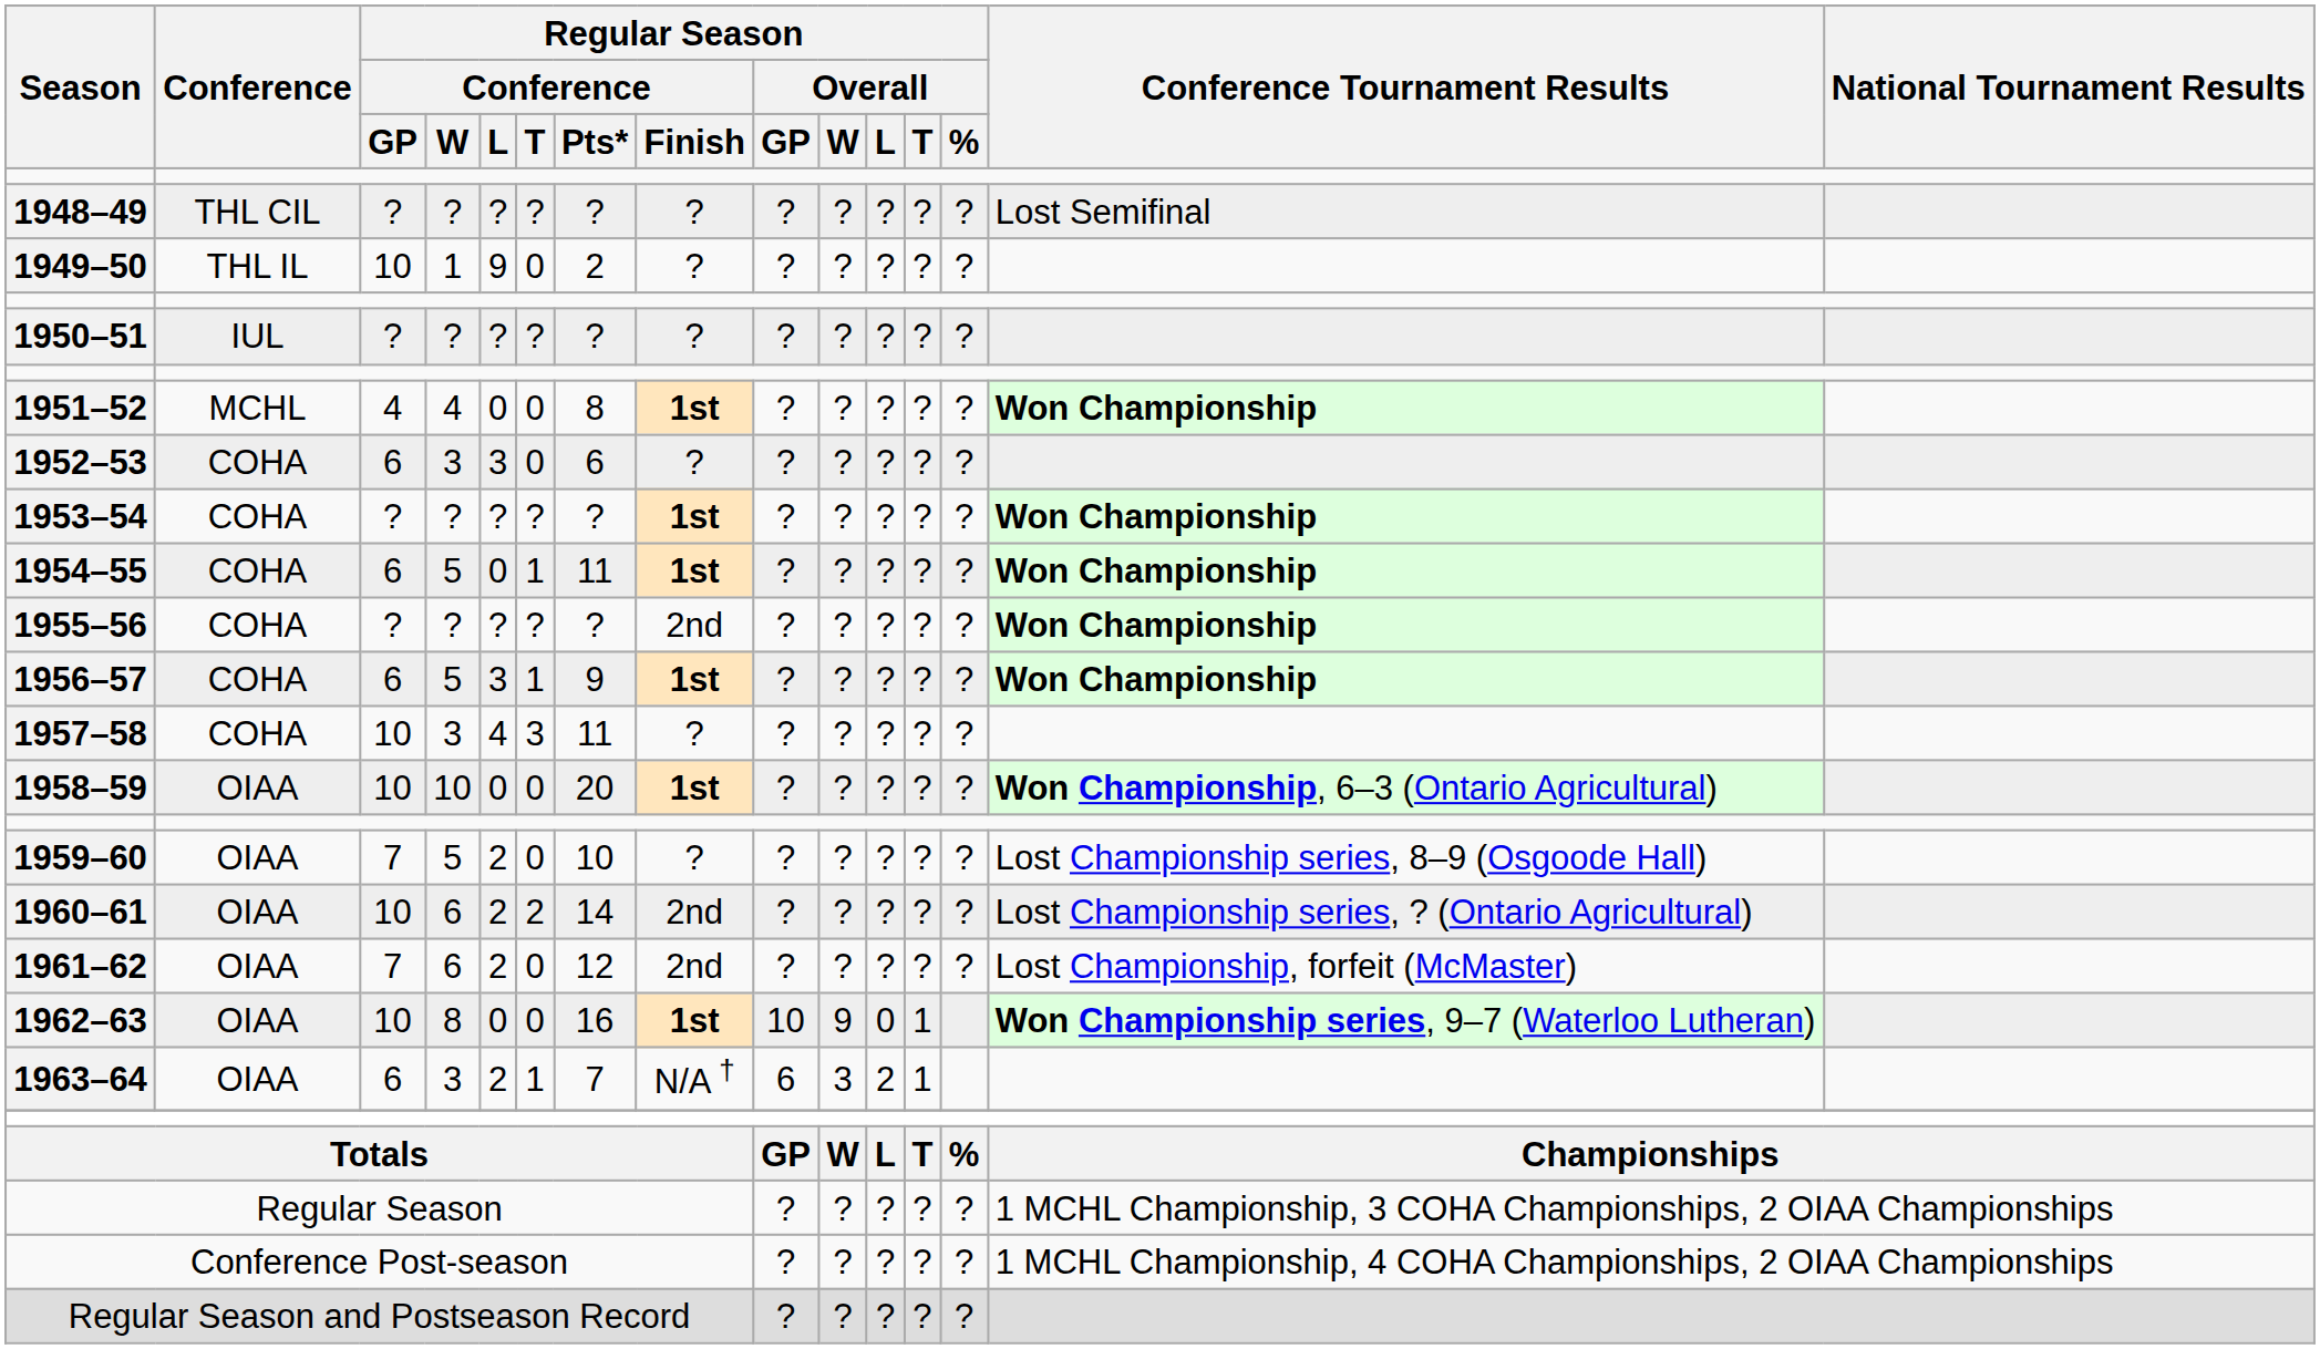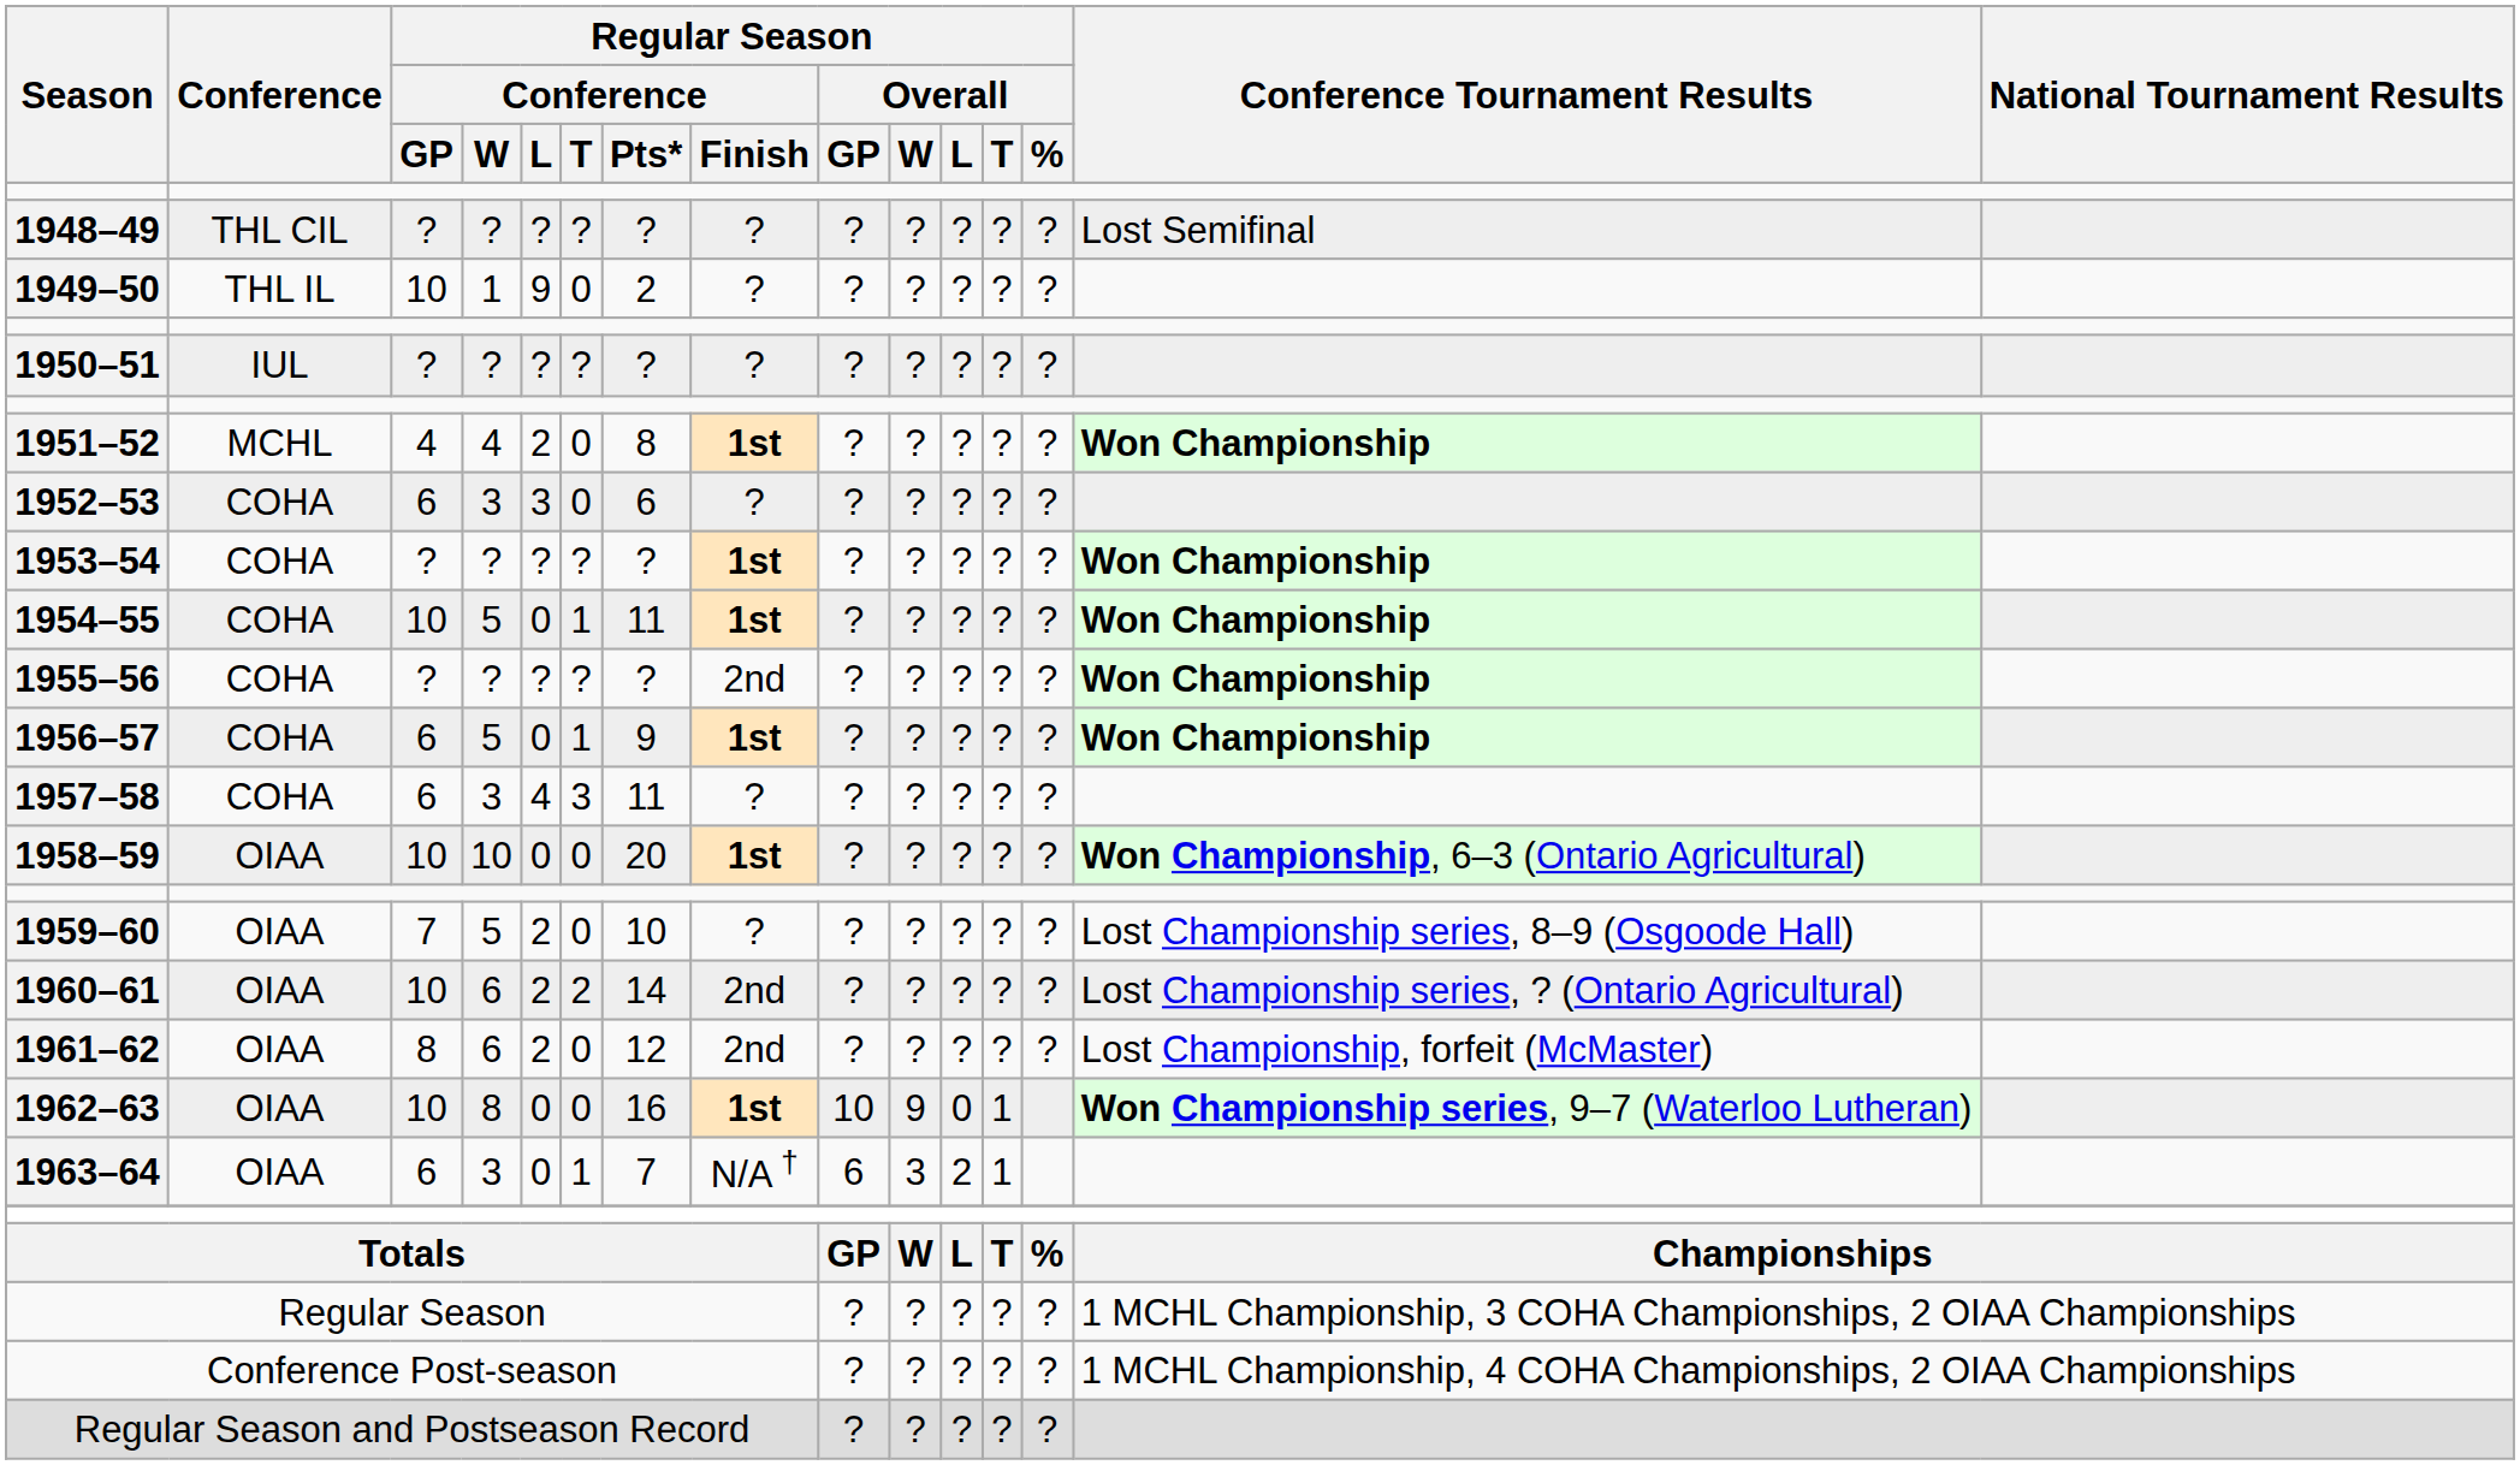 <table class="wikitable" style="text-align: center; font-size: 95%">
 <tr>
 <th rowspan="3">Season</th>
 <th rowspan="3">Conference</th>
 <th colspan="11">Regular Season</th>
 <th rowspan="3">Conference Tournament Results</th>
 <th rowspan="3">National Tournament Results</th>
 </tr>
 <tr>
 <th colspan="6">Conference</th>
 <th colspan="5">Overall</th>
 </tr>
 <tr>
 <th>GP</th>
 <th>W</th>
 <th>L</th>
 <th>T</th>
 <th>Pts*</th>
 <th>Finish</th>
 <th>GP</th>
 <th>W</th>
 <th>L</th>
 <th>T</th>
 <th>%</th>
 </tr>
 <tr>
 <td><strong><a href='#'></a> </strong></td>
 </tr>
 <tr bgcolor=eeeeee>
 <th>1948–49</th>
 <td>THL CIL</td>
 <td>?</td>
 <td>?</td>
 <td>?</td>
 <td>?</td>
 <td>?</td>
 <td>?</td>
 <td>?</td>
 <td>?</td>
 <td>?</td>
 <td>?</td>
 <td>?</td>
 <td align="left">Lost Semifinal</td>
 <td align="left"></td>
 </tr>
 <tr>
 <th>1949–50</th>
 <td>THL IL</td>
 <td>10</td>
 <td>1</td>
 <td>9</td>
 <td>0</td>
 <td>2</td>
 <td>?</td>
 <td>?</td>
 <td>?</td>
 <td>?</td>
 <td>?</td>
 <td>?</td>
 <td align="left"></td>
 <td align="left"></td>
 </tr>
 <tr>
 <td><strong><a href='#'></a> </strong></td>
 </tr>
 <tr bgcolor=eeeeee>
 <th>1950–51</th>
 <td>IUL</td>
 <td>?</td>
 <td>?</td>
 <td>?</td>
 <td>?</td>
 <td>?</td>
 <td>?</td>
 <td>?</td>
 <td>?</td>
 <td>?</td>
 <td>?</td>
 <td>?</td>
 <td align="left"></td>
 <td align="left"></td>
 </tr>
 <tr>
 <td><strong><a href='#'></a> </strong></td>
 </tr>
 <tr>
 <th>1951–52</th>
 <td>MCHL</td>
 <td>4</td>
 <td>4</td>
-<td>0</td>
+<td>2</td>
 <td>0</td>
 <td>8</td>
 <td bgcolor="#FFE6BD"><strong>1st</strong></td>
 <td>?</td>
 <td>?</td>
 <td>?</td>
 <td>?</td>
 <td>?</td>
 <td bgcolor=ddffdd align="left"><strong>Won Championship</strong></td>
 <td align="left"></td>
 </tr>
 <tr bgcolor=eeeeee>
 <th>1952–53</th>
 <td>COHA</td>
 <td>6</td>
 <td>3</td>
 <td>3</td>
 <td>0</td>
 <td>6</td>
 <td>?</td>
 <td>?</td>
 <td>?</td>
 <td>?</td>
 <td>?</td>
 <td>?</td>
 <td align="left"></td>
 <td align="left"></td>
 </tr>
 <tr>
 <th>1953–54</th>
 <td>COHA</td>
 <td>?</td>
 <td>?</td>
 <td>?</td>
 <td>?</td>
 <td>?</td>
 <td bgcolor="#FFE6BD"><strong>1st</strong></td>
 <td>?</td>
 <td>?</td>
 <td>?</td>
 <td>?</td>
 <td>?</td>
 <td bgcolor=ddffdd align="left"><strong>Won Championship</strong></td>
 <td align="left"></td>
 </tr>
 <tr bgcolor=eeeeee>
 <th>1954–55</th>
 <td>COHA</td>
-<td>6</td>
+<td>10</td>
 <td>5</td>
 <td>0</td>
 <td>1</td>
 <td>11</td>
 <td bgcolor="#FFE6BD"><strong>1st</strong></td>
 <td>?</td>
 <td>?</td>
 <td>?</td>
 <td>?</td>
 <td>?</td>
 <td bgcolor=ddffdd align="left"><strong>Won Championship</strong></td>
 <td align="left"></td>
 </tr>
 <tr>
 <th>1955–56</th>
 <td>COHA</td>
 <td>?</td>
 <td>?</td>
 <td>?</td>
 <td>?</td>
 <td>?</td>
 <td>2nd</td>
 <td>?</td>
 <td>?</td>
 <td>?</td>
 <td>?</td>
 <td>?</td>
 <td bgcolor=ddffdd align="left"><strong>Won Championship</strong></td>
 <td align="left"></td>
 </tr>
 <tr bgcolor=eeeeee>
 <th>1956–57</th>
 <td>COHA</td>
 <td>6</td>
 <td>5</td>
-<td>3</td>
+<td>0</td>
 <td>1</td>
 <td>9</td>
 <td bgcolor="#FFE6BD"><strong>1st</strong></td>
 <td>?</td>
 <td>?</td>
 <td>?</td>
 <td>?</td>
 <td>?</td>
 <td bgcolor=ddffdd align="left"><strong>Won Championship</strong></td>
 <td align="left"></td>
 </tr>
 <tr>
 <th>1957–58</th>
 <td>COHA</td>
-<td>10</td>
+<td>6</td>
 <td>3</td>
 <td>4</td>
 <td>3</td>
 <td>11</td>
 <td>?</td>
 <td>?</td>
 <td>?</td>
 <td>?</td>
 <td>?</td>
 <td>?</td>
 <td align="left"></td>
 <td align="left"></td>
 </tr>
 <tr bgcolor=eeeeee>
 <th>1958–59</th>
 <td>OIAA</td>
 <td>10</td>
 <td>10</td>
 <td>0</td>
 <td>0</td>
 <td>20</td>
 <td bgcolor="#FFE6BD"><strong>1st</strong></td>
 <td>?</td>
 <td>?</td>
 <td>?</td>
 <td>?</td>
 <td>?</td>
 <td bgcolor=ddffdd align="left"><strong>Won <a href='#'>Championship</a></strong>, 6–3 (<a href='#'>Ontario Agricultural</a>)</td>
 <td align="left"></td>
 </tr>
 <tr>
 <td><strong><a href='#'></a> </strong></td>
 </tr>
 <tr>
 <th>1959–60</th>
 <td>OIAA</td>
 <td>7</td>
 <td>5</td>
 <td>2</td>
 <td>0</td>
 <td>10</td>
 <td>?</td>
 <td>?</td>
 <td>?</td>
 <td>?</td>
 <td>?</td>
 <td>?</td>
 <td align="left">Lost <a href='#'>Championship series</a>, 8–9 (<a href='#'>Osgoode Hall</a>)</td>
 <td align="left"></td>
 </tr>
 <tr bgcolor=eeeeee>
 <th>1960–61</th>
 <td>OIAA</td>
 <td>10</td>
 <td>6</td>
 <td>2</td>
 <td>2</td>
 <td>14</td>
 <td>2nd</td>
 <td>?</td>
 <td>?</td>
 <td>?</td>
 <td>?</td>
 <td>?</td>
 <td align="left">Lost <a href='#'>Championship series</a>, ? (<a href='#'>Ontario Agricultural</a>)</td>
 <td align="left"></td>
 </tr>
 <tr>
 <th>1961–62</th>
 <td>OIAA</td>
-<td>7</td>
+<td>8</td>
 <td>6</td>
 <td>2</td>
 <td>0</td>
 <td>12</td>
 <td>2nd</td>
 <td>?</td>
 <td>?</td>
 <td>?</td>
 <td>?</td>
 <td>?</td>
 <td align="left">Lost <a href='#'>Championship</a>, forfeit (<a href='#'>McMaster</a>)</td>
 <td align="left"></td>
 </tr>
 <tr bgcolor=eeeeee>
 <th>1962–63</th>
 <td>OIAA</td>
 <td>10</td>
 <td>8</td>
 <td>0</td>
 <td>0</td>
 <td>16</td>
 <td bgcolor="#FFE6BD"><strong>1st</strong></td>
 <td>10</td>
 <td>9</td>
 <td>0</td>
 <td>1</td>
 <td></td>
 <td bgcolor=ddffdd align="left"><strong>Won <a href='#'>Championship series</a></strong>, 9–7 (<a href='#'>Waterloo Lutheran</a>)</td>
 <td align="left"></td>
 </tr>
 <tr>
 <th>1963–64</th>
 <td>OIAA</td>
 <td>6</td>
 <td>3</td>
-<td>2</td>
+<td>0</td>
 <td>1</td>
 <td>7</td>
 <td>N/A <sup>†</sup></td>
 <td>6</td>
 <td>3</td>
 <td>2</td>
 <td>1</td>
 <td></td>
 <td align="left"></td>
 <td align="left"></td>
 </tr>
 <tr>
 </tr>
 <tr ->
 </tr>
 <tr>
 <td colspan="15" style="background:#fff;"></td>
 </tr>
 <tr>
 <th colspan="8">Totals</th>
 <th>GP</th>
 <th>W</th>
 <th>L</th>
 <th>T</th>
 <th>%</th>
 <th colspan="2">Championships</th>
 </tr>
 <tr>
 <td colspan="8">Regular Season</td>
 <td>?</td>
 <td>?</td>
 <td>?</td>
 <td>?</td>
 <td>?</td>
 <td colspan="2" align="left">1 MCHL Championship, 3 COHA Championships, 2 OIAA Championships</td>
 </tr>
 <tr>
 <td colspan="8">Conference Post-season</td>
 <td>?</td>
 <td>?</td>
 <td>?</td>
 <td>?</td>
 <td>?</td>
 <td colspan="2" align="left">1 MCHL Championship, 4 COHA Championships, 2 OIAA Championships</td>
 </tr>
 <tr bgcolor=dddddd>
 <td colspan="8">Regular Season and Postseason Record</td>
 <td>?</td>
 <td>?</td>
 <td>?</td>
 <td>?</td>
 <td>?</td>
 <td colspan="2" align="left"></td>
 </tr>
 </table>
